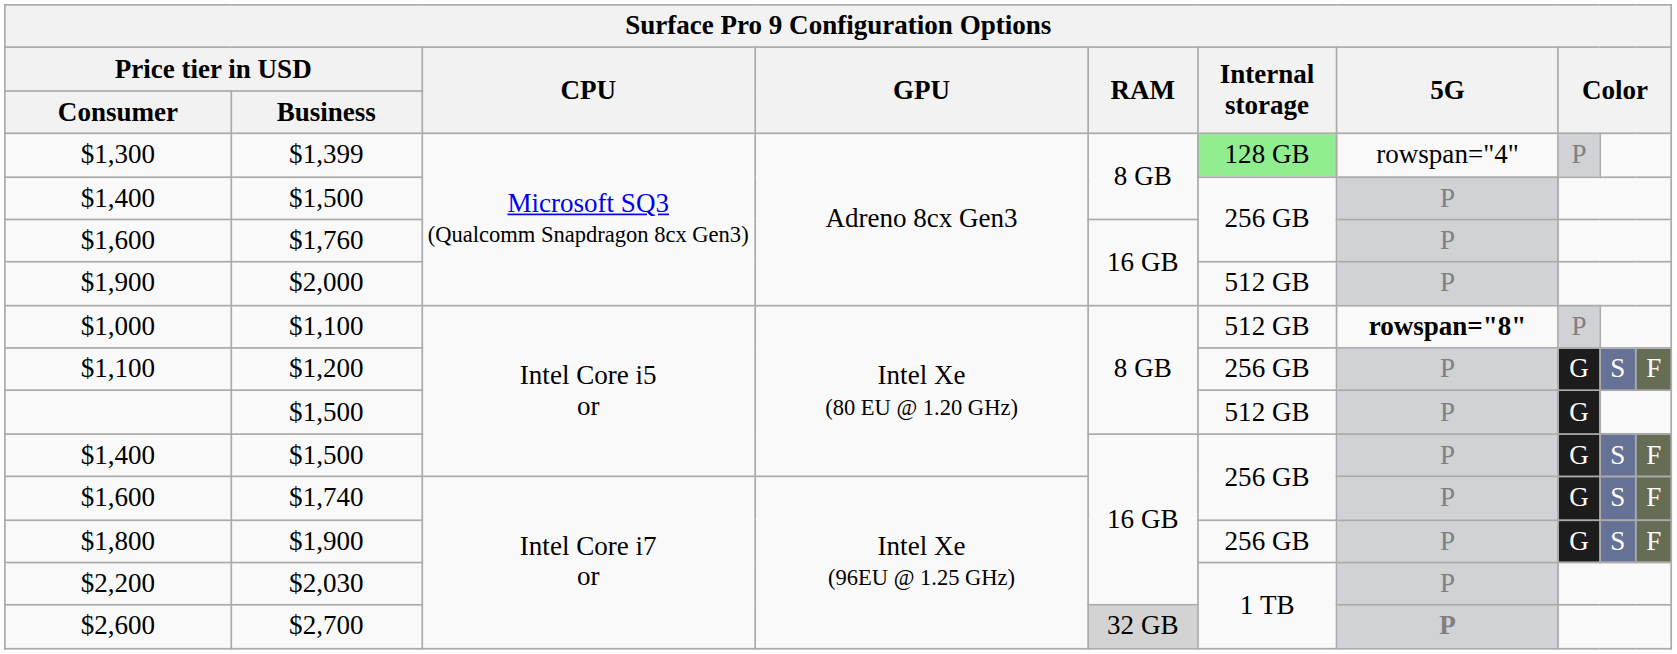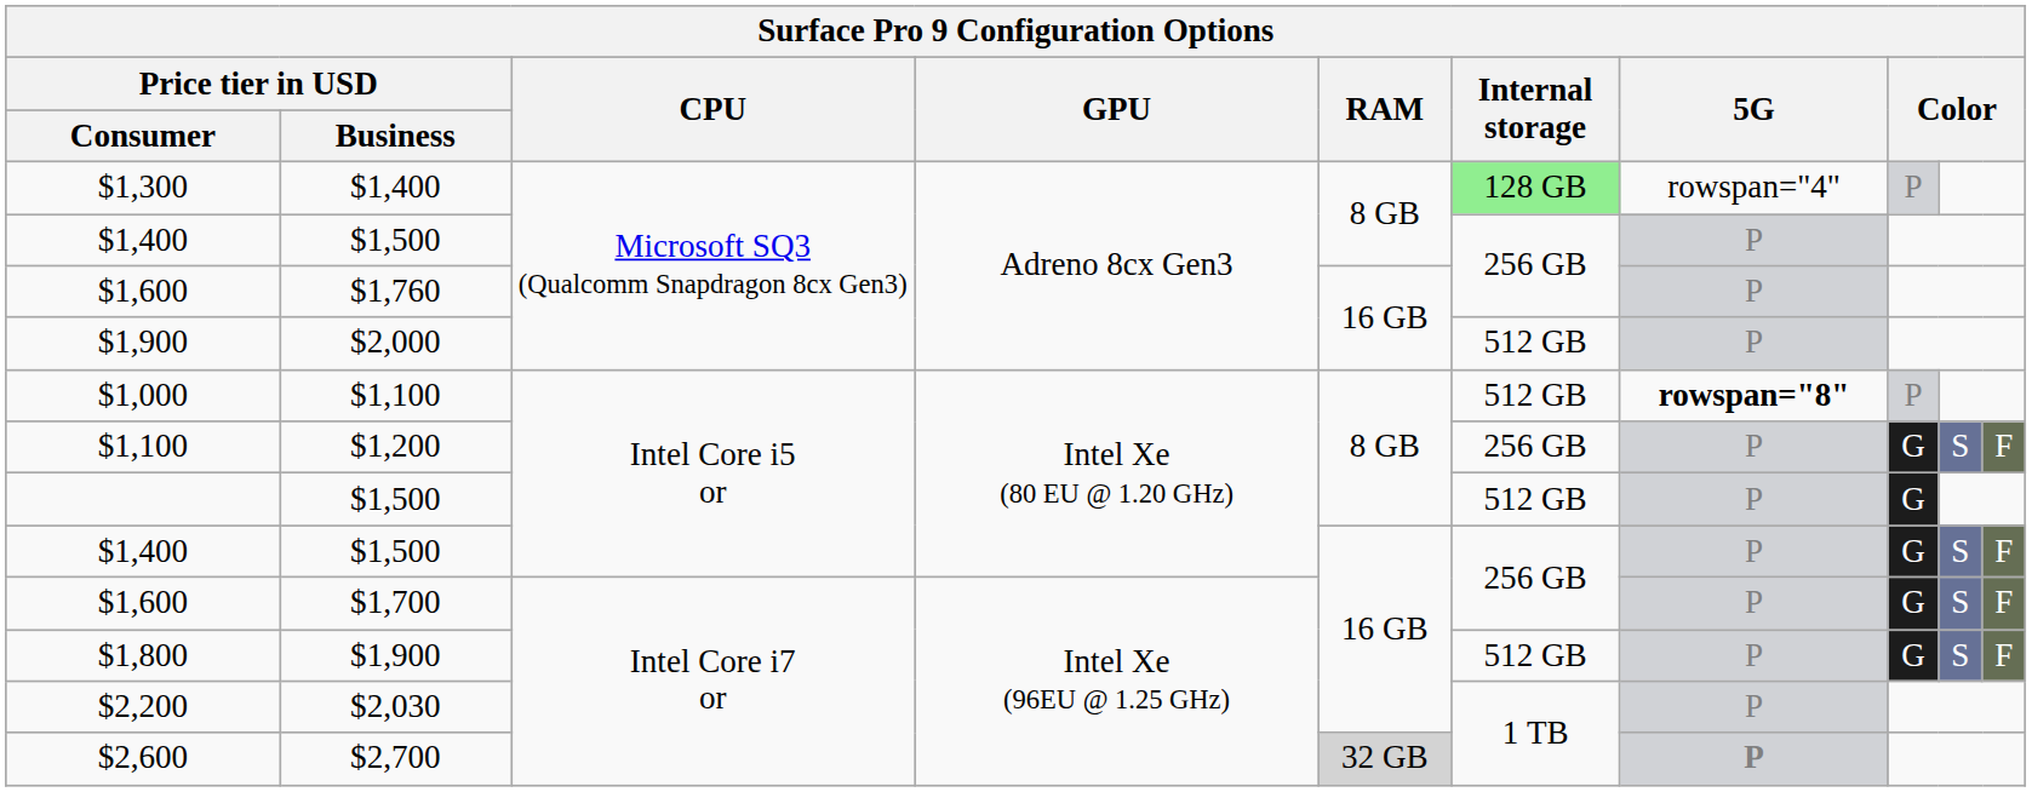 <table class="wikitable sortable" style="text-align:center;" align="center" text-align="center">
 <tr>
 <th colspan="11">Surface Pro  9 Configuration Options</th>
 </tr>
 <tr>
 <th colspan="2" scope="col" width="25%">Price tier in USD</th>
 <th rowspan="2" scope="col" width="20%">CPU</th>
 <th rowspan="2" scope="col" width="20%">GPU</th>
 <th rowspan="2">RAM</th>
 <th rowspan="2" scope="col">Internal<br>storage</th>
 <th rowspan="2">5G</th>
 <th colspan="4" rowspan="2">Color</th>
 </tr>
 <tr>
 <th>Consumer</th>
 <th>Business</th>
 </tr>
 <tr>
 <td>$1,300</td>
-<td>$1,399</td>
+<td>$1,400</td>
 <td rowspan="4"><a href='#'>Microsoft SQ3</a><br><small>(Qualcomm Snapdragon 8cx Gen3)</small></td>
 <td rowspan="4">Adreno 8cx Gen3</td>
 <td rowspan="2">8 GB</td>
 <td style="background: lightgreen;">128 GB</td>
 <td>rowspan="4" </td>
 <td style=" background: #D0D2D6; color: grey;">P</td>
 <td colspan="3"></td>
 </tr>
 <tr>
 <td>$1,400</td>
 <td>$1,500</td>
 <td rowspan="2">256 GB</td>
 <td style=" background: #D0D2D6; color: grey;">P</td>
 <td colspan="3"></td>
 </tr>
 <tr>
 <td>$1,600</td>
 <td>$1,760</td>
 <td rowspan="2">16 GB</td>
 <td style=" background: #D0D2D6; color: grey;">P</td>
 <td colspan="3"></td>
 </tr>
 <tr>
 <td>$1,900</td>
 <td>$2,000</td>
 <td>512 GB</td>
 <td style=" background: #D0D2D6; color: grey;">P</td>
 <td colspan="3"></td>
 </tr>
 <tr>
 <td>$1,000</td>
 <td>$1,100</td>
 <td rowspan="4">Intel Core i5<br> or </td>
 <td rowspan="4">Intel Xe<br><small>(80 EU @ 1.20 GHz)</small></td>
 <td rowspan="3">8 GB</td>
 <td>512 GB</td>
 <td><strong>rowspan="8" </strong></td>
 <td style=" background: #D0D2D6; color: grey;">P</td>
 <td colspan="3"></td>
 </tr>
 <tr>
 <td>$1,100</td>
 <td>$1,200</td>
 <td>256 GB</td>
 <td style=" background: #D0D2D6; color: grey;">P</td>
 <td style="background: #1c1c1c; color: #ffffff;">G</td>
 <td style="background: #667196; color: #ffffff;">S</td>
 <td style="background: #656e54; color: #ffffff;">F</td>
 </tr>
 <tr>
 <td></td>
 <td>$1,500</td>
 <td>512 GB</td>
 <td style=" background: #D0D2D6; color: grey;">P</td>
 <td style="background: #1c1c1c; color: #ffffff;">G</td>
 <td colspan="2"></td>
 </tr>
 <tr>
 <td>$1,400</td>
 <td>$1,500</td>
 <td rowspan="4">16 GB</td>
 <td rowspan="2">256 GB</td>
 <td style=" background: #D0D2D6; color: grey;">P</td>
 <td style="background: #1c1c1c; color: #ffffff;">G</td>
 <td style="background: #667196; color: #ffffff;">S</td>
 <td style="background: #656e54; color: #ffffff;">F</td>
 </tr>
 <tr>
 <td>$1,600</td>
-<td>$1,740</td>
+<td>$1,700</td>
 <td rowspan="4">Intel Core i7<br> or </td>
 <td rowspan="4">Intel Xe<br><small>(96EU @ 1.25 GHz)</small></td>
 <td style=" background: #D0D2D6; color: grey;">P</td>
 <td style="background: #1c1c1c; color: #ffffff;">G</td>
 <td style="background: #667196; color: #ffffff;">S</td>
 <td style="background: #656e54; color: #ffffff;">F</td>
 </tr>
 <tr>
 <td>$1,800</td>
 <td>$1,900</td>
-<td>256 GB</td>
+<td>512 GB</td>
 <td style=" background: #D0D2D6; color: grey;">P</td>
 <td style="background: #1c1c1c; color: #ffffff;">G</td>
 <td style="background: #667196; color: #ffffff;">S</td>
 <td style="background: #656e54; color: #ffffff;">F</td>
 </tr>
 <tr>
 <td>$2,200</td>
 <td>$2,030</td>
 <td rowspan="2">1 TB</td>
 <td style=" background: #D0D2D6; color: grey;">P</td>
 <td colspan="3"></td>
 </tr>
 <tr>
 <td>$2,600</td>
 <td>$2,700</td>
 <td style="background: lightgrey;">32 GB</td>
 <td style=" background: #D0D2D6; color: grey;"><strong>P</strong></td>
 <td colspan="3"></td>
 </tr>
 </table>
